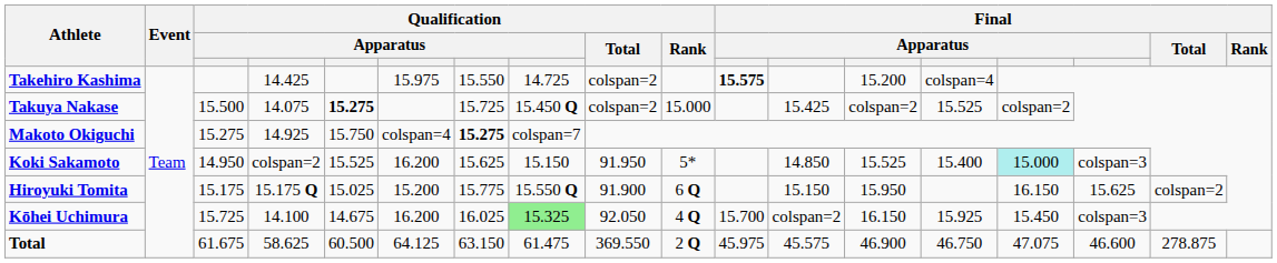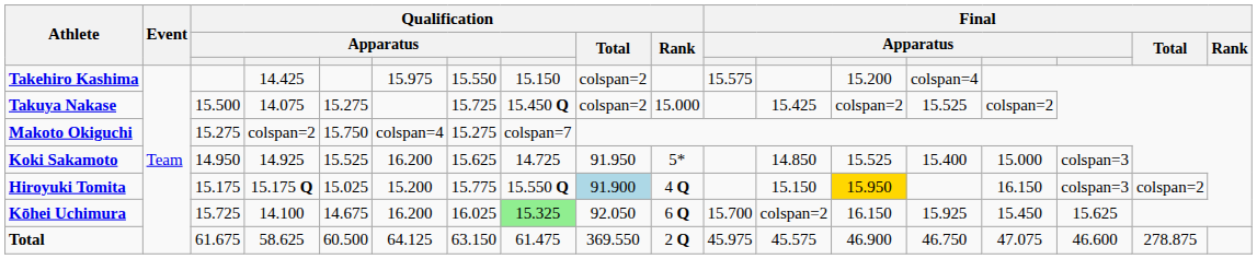 <table class="wikitable" style="font-size:90%">
 <tr>
 <th rowspan=3>Athlete</th>
 <th rowspan=3>Event</th>
 <th colspan =8>Qualification</th>
 <th colspan =8>Final</th>
 </tr>
 <tr style="font-size:95%">
 <th colspan=6>Apparatus</th>
 <th rowspan=2>Total</th>
 <th rowspan=2>Rank</th>
 <th colspan=6>Apparatus</th>
 <th rowspan=2>Total</th>
 <th rowspan=2>Rank</th>
 </tr>
 <tr style="font-size:95%">
 <th></th>
 <th></th>
 <th></th>
 <th></th>
 <th></th>
 <th></th>
 <th></th>
 <th></th>
 <th></th>
 <th></th>
 <th></th>
 <th></th>
 </tr>
 <tr align=center>
 <td align=left><strong><a href='#'>Takehiro Kashima</a></strong></td>
 <td align=left rowspan=7><a href='#'>Team</a></td>
 <td></td>
 <td>14.425</td>
 <td></td>
 <td>15.975</td>
 <td>15.550</td>
-<td>14.725</td>
+<td>15.150</td>
 <td>colspan=2 </td>
 <td></td>
-<td><strong>15.575</strong></td>
+<td>15.575</td>
 <td></td>
 <td>15.200</td>
 <td>colspan=4 </td>
 </tr>
 <tr align=center>
 <td align=left><strong><a href='#'>Takuya Nakase</a></strong></td>
 <td>15.500</td>
 <td>14.075</td>
-<td><strong>15.275</strong></td>
+<td>15.275</td>
 <td></td>
 <td>15.725</td>
 <td>15.450 <strong>Q</strong></td>
 <td>colspan=2 </td>
 <td>15.000</td>
 <td></td>
 <td>15.425</td>
 <td>colspan=2 </td>
 <td>15.525</td>
 <td>colspan=2 </td>
 </tr>
 <tr align=center>
 <td align=left><strong><a href='#'>Makoto Okiguchi</a></strong></td>
 <td>15.275</td>
-<td>14.925</td>
+<td>colspan=2 </td>
 <td>15.750</td>
 <td>colspan=4 </td>
-<td><strong>15.275</strong></td>
+<td>15.275</td>
 <td>colspan=7 </td>
 </tr>
 <tr align=center>
 <td align=left><strong><a href='#'>Koki Sakamoto</a></strong></td>
 <td>14.950</td>
-<td>colspan=2 </td>
+<td>14.925</td>
 <td>15.525</td>
 <td>16.200</td>
 <td>15.625</td>
-<td>15.150</td>
+<td>14.725</td>
 <td>91.950</td>
 <td>5*</td>
 <td></td>
 <td>14.850</td>
 <td>15.525</td>
 <td>15.400</td>
-<td style="background: paleturquoise;">15.000</td>
+<td>15.000</td>
 <td>colspan=3 </td>
 </tr>
 <tr align=center>
 <td align=left><strong><a href='#'>Hiroyuki Tomita</a></strong></td>
 <td>15.175</td>
 <td>15.175 <strong>Q</strong></td>
 <td>15.025</td>
 <td>15.200</td>
 <td>15.775</td>
 <td>15.550 <strong>Q</strong></td>
-<td>91.900</td>
-<td>6 <strong>Q</strong></td>
+<td style="background: lightblue;">91.900</td>
+<td>4 <strong>Q</strong></td>
 <td></td>
 <td>15.150</td>
-<td>15.950</td>
+<td style="background: gold;">15.950</td>
 <td></td>
 <td>16.150</td>
-<td>15.625</td>
+<td>colspan=3 </td>
 <td>colspan=2 </td>
 </tr>
 <tr align=center>
 <td align=left><strong><a href='#'>Kōhei Uchimura</a></strong></td>
 <td>15.725</td>
 <td>14.100</td>
 <td>14.675</td>
 <td>16.200</td>
 <td>16.025</td>
 <td style="background: lightgreen;">15.325</td>
 <td>92.050</td>
-<td>4 <strong>Q</strong></td>
+<td>6 <strong>Q</strong></td>
 <td>15.700</td>
 <td>colspan=2 </td>
 <td>16.150</td>
 <td>15.925</td>
 <td>15.450</td>
-<td>colspan=3 </td>
+<td>15.625</td>
 </tr>
 <tr align=center>
 <td align=left><strong>Total</strong></td>
 <td>61.675</td>
 <td>58.625</td>
 <td>60.500</td>
 <td>64.125</td>
 <td>63.150</td>
 <td>61.475</td>
 <td>369.550</td>
 <td>2 <strong>Q</strong></td>
 <td>45.975</td>
 <td>45.575</td>
 <td>46.900</td>
 <td>46.750</td>
 <td>47.075</td>
 <td>46.600</td>
 <td>278.875</td>
 <td></td>
 </tr>
 </table>
